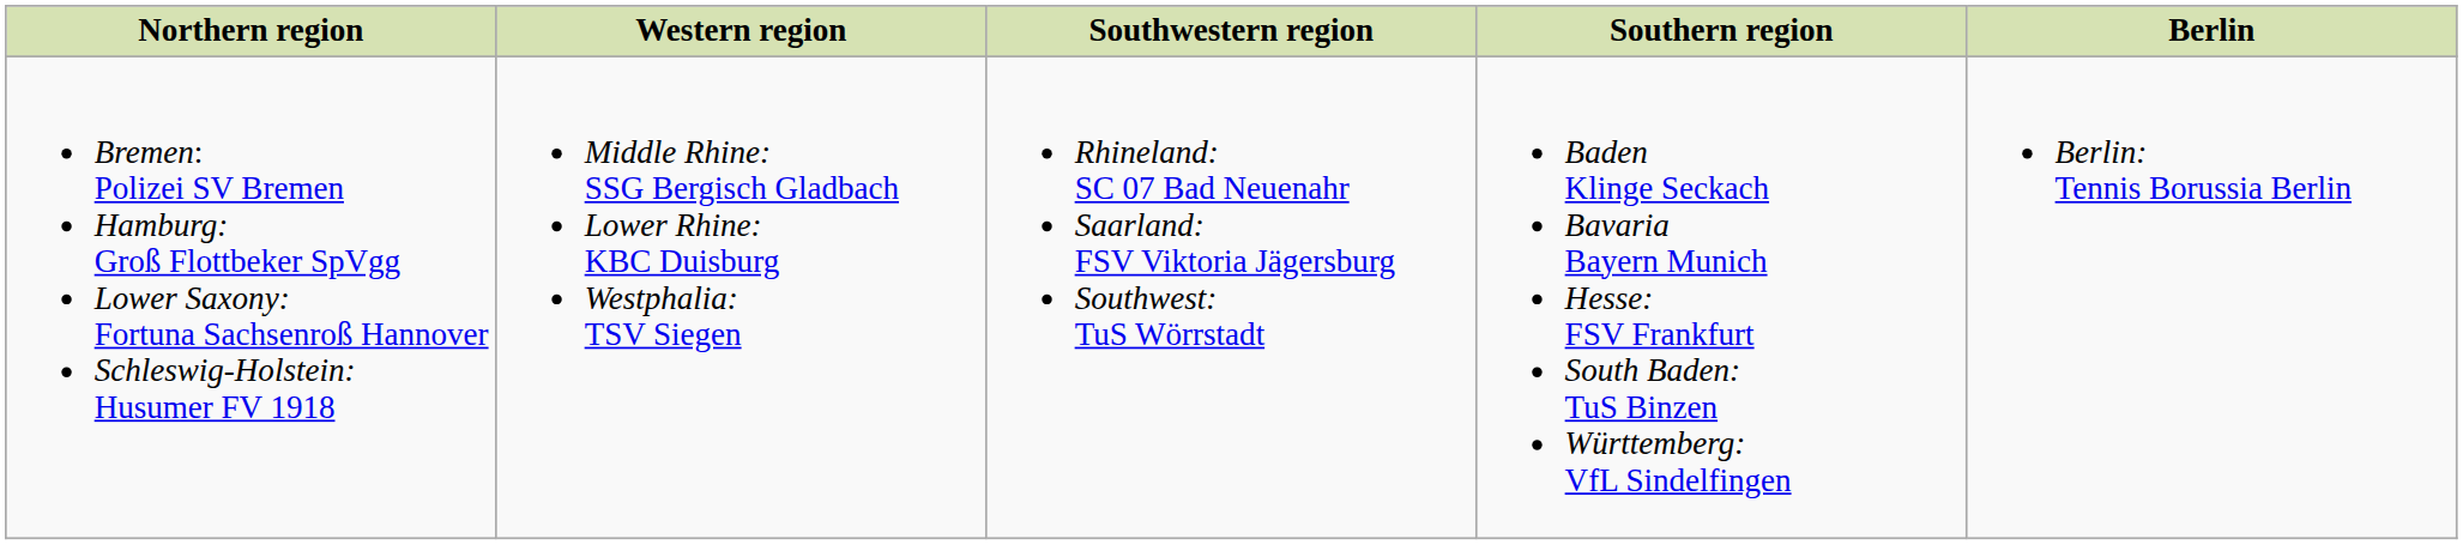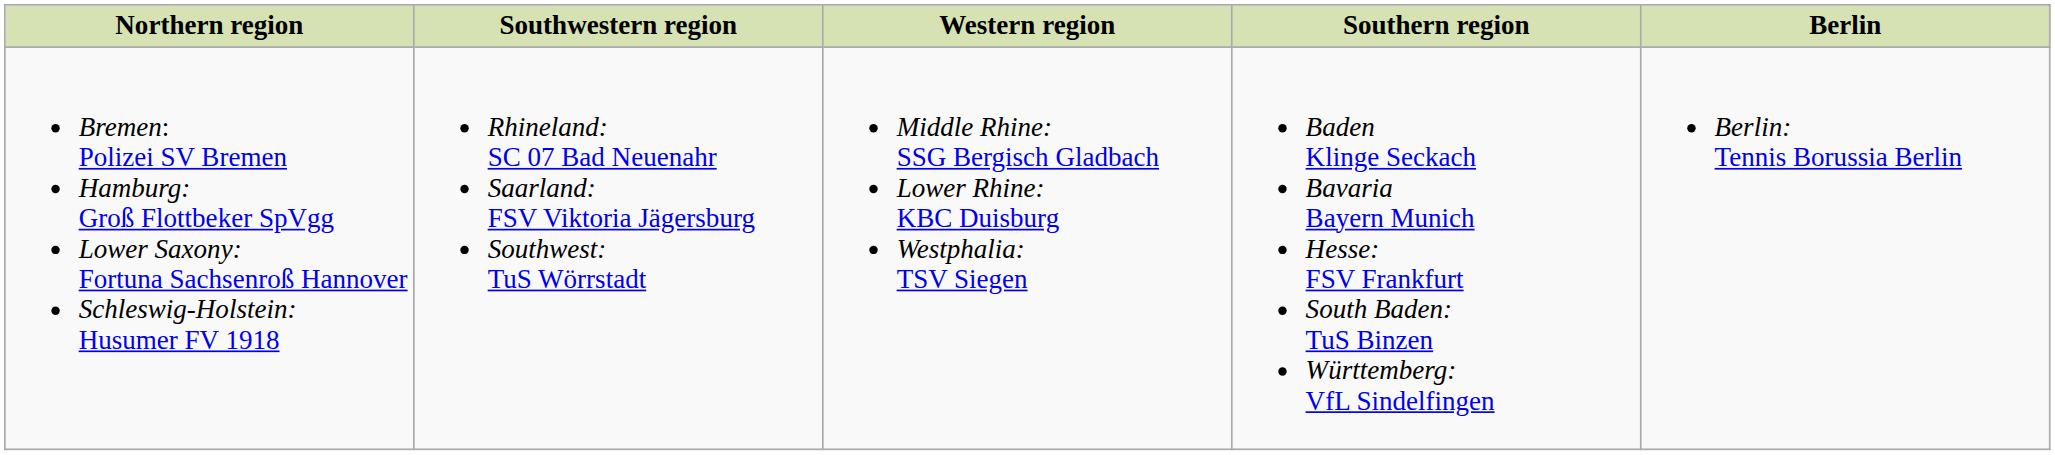 <table class="wikitable">
 <tr valign="top" style="background-color: #d6e2b3;">
 <td style="width: 20%; text-align:center;"><strong>Northern region</strong></td>
+<td style="width: 20%; text-align:center;"><strong>Southwestern region</strong></td>
 <td style="width: 20%; text-align:center;"><strong>Western region</strong></td>
-<td style="width: 20%; text-align:center;"><strong>Southwestern region</strong></td>
 <td style="width: 20%; text-align:center;"><strong>Southern region</strong></td>
 <td style="width: 20%; text-align:center;"><strong>Berlin</strong></td>
 </tr>
 <tr valign="top">
 <td><br><ul><li><em>Bremen</em>:<br><a href='#'>Polizei SV Bremen</a></li><li><em>Hamburg:</em><br><a href='#'>Groß Flottbeker SpVgg</a></li><li><em>Lower Saxony:</em><br><a href='#'>Fortuna Sachsenroß Hannover</a></li><li><em>Schleswig-Holstein:</em><br><a href='#'>Husumer FV 1918</a></li></ul></td>
+<td><br><ul><li><em>Rhineland:</em><br><a href='#'>SC 07 Bad Neuenahr</a></li><li><em>Saarland:</em> <br><a href='#'>FSV Viktoria Jägersburg</a></li><li><em>Southwest:</em><br><a href='#'>TuS Wörrstadt</a></li></ul></td>
 <td><br><ul><li><em>Middle Rhine:</em><br><a href='#'>SSG Bergisch Gladbach</a></li><li><em>Lower Rhine:</em><br><a href='#'>KBC Duisburg</a></li><li><em>Westphalia:</em><br><a href='#'>TSV Siegen</a></li></ul></td>
-<td><br><ul><li><em>Rhineland:</em><br><a href='#'>SC 07 Bad Neuenahr</a></li><li><em>Saarland:</em> <br><a href='#'>FSV Viktoria Jägersburg</a></li><li><em>Southwest:</em><br><a href='#'>TuS Wörrstadt</a></li></ul></td>
 <td><br><ul><li><em>Baden</em><br><a href='#'>Klinge Seckach</a></li><li><em>Bavaria</em><br><a href='#'>Bayern Munich</a></li><li><em>Hesse:</em><br><a href='#'>FSV Frankfurt</a></li><li><em>South Baden:</em><br><a href='#'>TuS Binzen</a></li><li><em>Württemberg:</em><br><a href='#'>VfL Sindelfingen</a></li></ul></td>
 <td><br><ul><li><em>Berlin:</em><br><a href='#'>Tennis Borussia Berlin</a></li></ul></td>
 </tr>
 </table>
